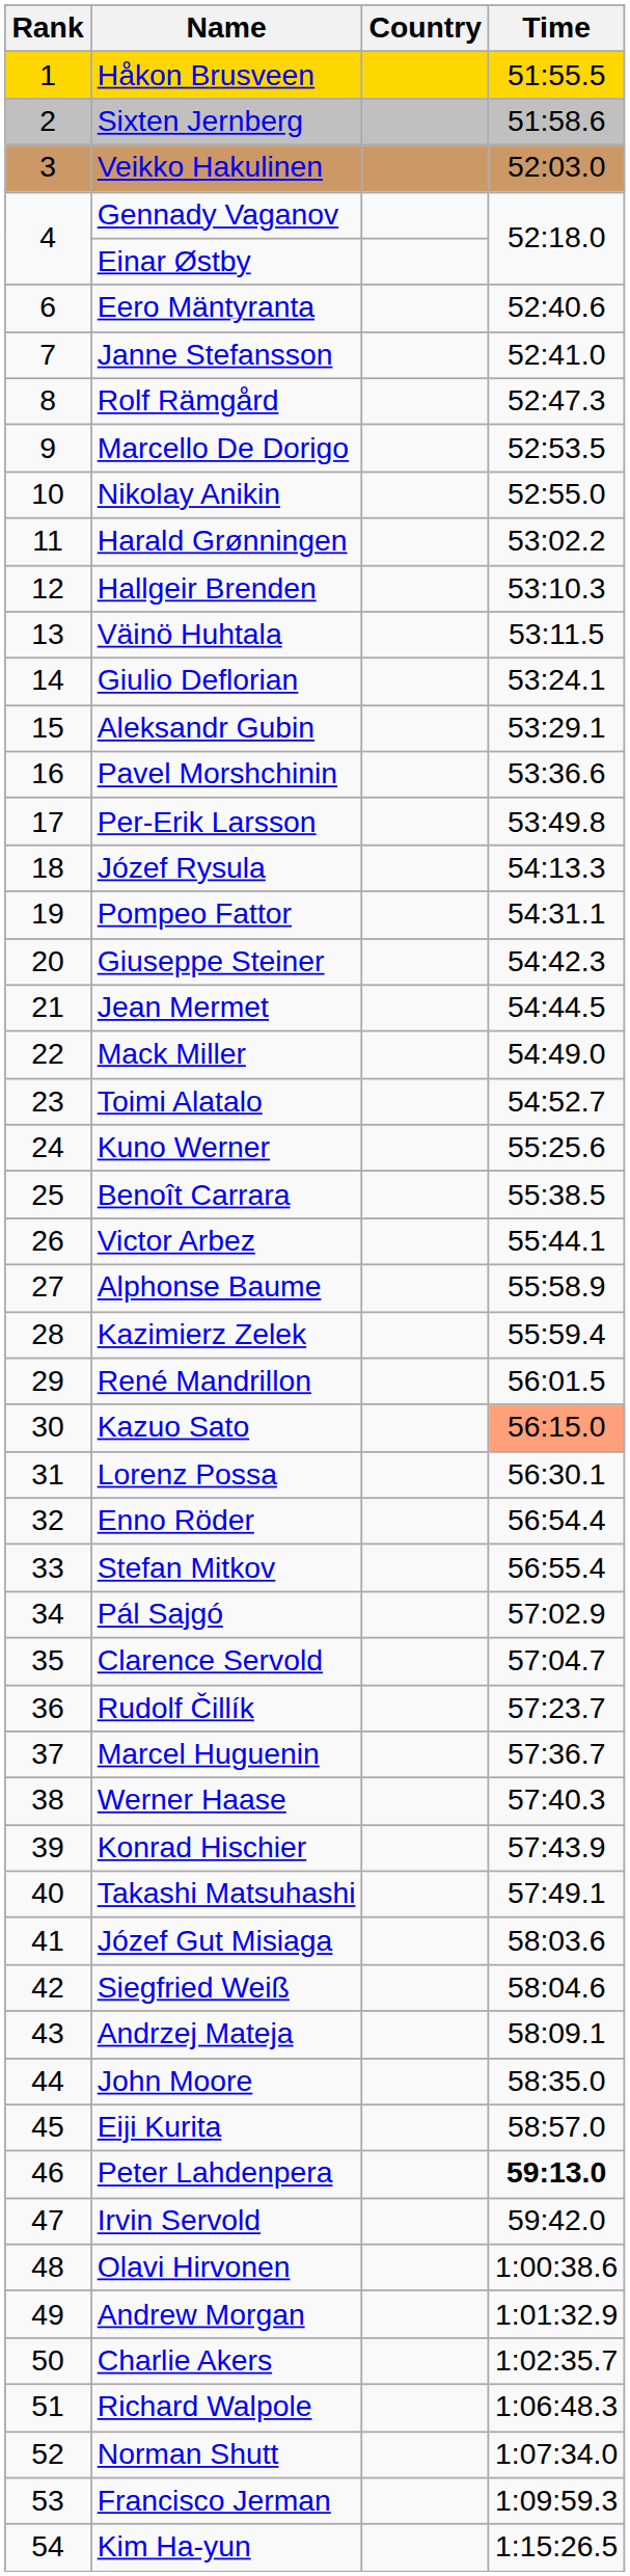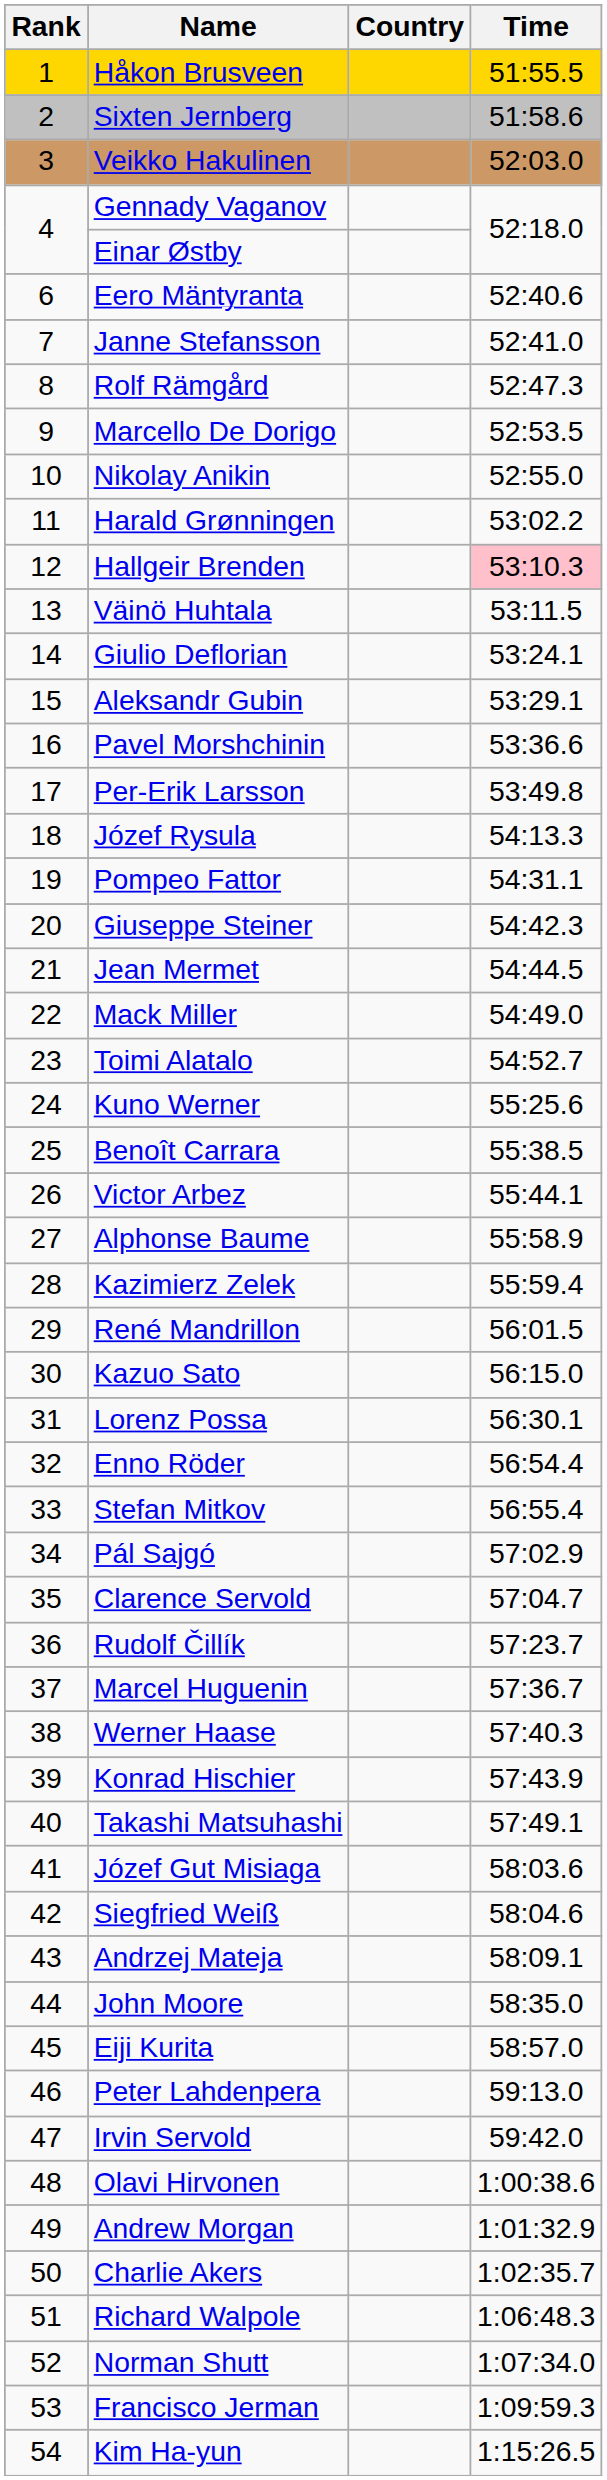 <table class="wikitable sortable" style="text-align:center">
 <tr>
 <th>Rank</th>
 <th>Name</th>
 <th>Country</th>
 <th>Time</th>
 </tr>
 <tr bgcolor=gold>
 <td>1</td>
 <td align="left"><a href='#'>Håkon Brusveen</a></td>
 <td align="left"></td>
 <td>51:55.5</td>
 </tr>
 <tr bgcolor=silver>
 <td>2</td>
 <td align="left"><a href='#'>Sixten Jernberg</a></td>
 <td align="left"></td>
 <td>51:58.6</td>
 </tr>
 <tr bgcolor=#CC9966>
 <td>3</td>
 <td align="left"><a href='#'>Veikko Hakulinen</a></td>
 <td align="left"></td>
 <td>52:03.0</td>
 </tr>
 <tr>
 <td rowspan=2>4</td>
 <td align="left"><a href='#'>Gennady Vaganov</a></td>
 <td align="left"></td>
 <td rowspan=2>52:18.0</td>
 </tr>
 <tr>
 <td align="left"><a href='#'>Einar Østby</a></td>
 <td align="left"></td>
 </tr>
 <tr>
 <td>6</td>
 <td align="left"><a href='#'>Eero Mäntyranta</a></td>
 <td align="left"></td>
 <td>52:40.6</td>
 </tr>
 <tr>
 <td>7</td>
 <td align="left"><a href='#'>Janne Stefansson</a></td>
 <td align="left"></td>
 <td>52:41.0</td>
 </tr>
 <tr>
 <td>8</td>
 <td align="left"><a href='#'>Rolf Rämgård</a></td>
 <td align="left"></td>
 <td>52:47.3</td>
 </tr>
 <tr>
 <td>9</td>
 <td align="left"><a href='#'>Marcello De Dorigo</a></td>
 <td align="left"></td>
 <td>52:53.5</td>
 </tr>
 <tr>
 <td>10</td>
 <td align="left"><a href='#'>Nikolay Anikin</a></td>
 <td align="left"></td>
 <td>52:55.0</td>
 </tr>
 <tr>
 <td>11</td>
 <td align="left"><a href='#'>Harald Grønningen</a></td>
 <td align="left"></td>
 <td>53:02.2</td>
 </tr>
 <tr>
 <td>12</td>
 <td align="left"><a href='#'>Hallgeir Brenden</a></td>
 <td align="left"></td>
-<td>53:10.3</td>
+<td style="background: pink;">53:10.3</td>
 </tr>
 <tr>
 <td>13</td>
 <td align="left"><a href='#'>Väinö Huhtala</a></td>
 <td align="left"></td>
 <td>53:11.5</td>
 </tr>
 <tr>
 <td>14</td>
 <td align="left"><a href='#'>Giulio Deflorian</a></td>
 <td align="left"></td>
 <td>53:24.1</td>
 </tr>
 <tr>
 <td>15</td>
 <td align="left"><a href='#'>Aleksandr Gubin</a></td>
 <td align="left"></td>
 <td>53:29.1</td>
 </tr>
 <tr>
 <td>16</td>
 <td align="left"><a href='#'>Pavel Morshchinin</a></td>
 <td align="left"></td>
 <td>53:36.6</td>
 </tr>
 <tr>
 <td>17</td>
 <td align="left"><a href='#'>Per-Erik Larsson</a></td>
 <td align="left"></td>
 <td>53:49.8</td>
 </tr>
 <tr>
 <td>18</td>
 <td align="left"><a href='#'>Józef Rysula</a></td>
 <td align="left"></td>
 <td>54:13.3</td>
 </tr>
 <tr>
 <td>19</td>
 <td align="left"><a href='#'>Pompeo Fattor</a></td>
 <td align="left"></td>
 <td>54:31.1</td>
 </tr>
 <tr>
 <td>20</td>
 <td align="left"><a href='#'>Giuseppe Steiner</a></td>
 <td align="left"></td>
 <td>54:42.3</td>
 </tr>
 <tr>
 <td>21</td>
 <td align="left"><a href='#'>Jean Mermet</a></td>
 <td align="left"></td>
 <td>54:44.5</td>
 </tr>
 <tr>
 <td>22</td>
 <td align="left"><a href='#'>Mack Miller</a></td>
 <td align="left"></td>
 <td>54:49.0</td>
 </tr>
 <tr>
 <td>23</td>
 <td align="left"><a href='#'>Toimi Alatalo</a></td>
 <td align="left"></td>
 <td>54:52.7</td>
 </tr>
 <tr>
 <td>24</td>
 <td align="left"><a href='#'>Kuno Werner</a></td>
 <td align="left"></td>
 <td>55:25.6</td>
 </tr>
 <tr>
 <td>25</td>
 <td align="left"><a href='#'>Benoît Carrara</a></td>
 <td align="left"></td>
 <td>55:38.5</td>
 </tr>
 <tr>
 <td>26</td>
 <td align="left"><a href='#'>Victor Arbez</a></td>
 <td align="left"></td>
 <td>55:44.1</td>
 </tr>
 <tr>
 <td>27</td>
 <td align="left"><a href='#'>Alphonse Baume</a></td>
 <td align="left"></td>
 <td>55:58.9</td>
 </tr>
 <tr>
 <td>28</td>
 <td align="left"><a href='#'>Kazimierz Zelek</a></td>
 <td align="left"></td>
 <td>55:59.4</td>
 </tr>
 <tr>
 <td>29</td>
 <td align="left"><a href='#'>René Mandrillon</a></td>
 <td align="left"></td>
 <td>56:01.5</td>
 </tr>
 <tr>
 <td>30</td>
 <td align="left"><a href='#'>Kazuo Sato</a></td>
 <td align="left"></td>
-<td style="background: lightsalmon;">56:15.0</td>
+<td>56:15.0</td>
 </tr>
 <tr>
 <td>31</td>
 <td align="left"><a href='#'>Lorenz Possa</a></td>
 <td align="left"></td>
 <td>56:30.1</td>
 </tr>
 <tr>
 <td>32</td>
 <td align="left"><a href='#'>Enno Röder</a></td>
 <td align="left"></td>
 <td>56:54.4</td>
 </tr>
 <tr>
 <td>33</td>
 <td align="left"><a href='#'>Stefan Mitkov</a></td>
 <td align="left"></td>
 <td>56:55.4</td>
 </tr>
 <tr>
 <td>34</td>
 <td align="left"><a href='#'>Pál Sajgó</a></td>
 <td align="left"></td>
 <td>57:02.9</td>
 </tr>
 <tr>
 <td>35</td>
 <td align="left"><a href='#'>Clarence Servold</a></td>
 <td align="left"></td>
 <td>57:04.7</td>
 </tr>
 <tr>
 <td>36</td>
 <td align="left"><a href='#'>Rudolf Čillík</a></td>
 <td align="left"></td>
 <td>57:23.7</td>
 </tr>
 <tr>
 <td>37</td>
 <td align="left"><a href='#'>Marcel Huguenin</a></td>
 <td align="left"></td>
 <td>57:36.7</td>
 </tr>
 <tr>
 <td>38</td>
 <td align="left"><a href='#'>Werner Haase</a></td>
 <td align="left"></td>
 <td>57:40.3</td>
 </tr>
 <tr>
 <td>39</td>
 <td align="left"><a href='#'>Konrad Hischier</a></td>
 <td align="left"></td>
 <td>57:43.9</td>
 </tr>
 <tr>
 <td>40</td>
 <td align="left"><a href='#'>Takashi Matsuhashi</a></td>
 <td align="left"></td>
 <td>57:49.1</td>
 </tr>
 <tr>
 <td>41</td>
 <td align="left"><a href='#'>Józef Gut Misiaga</a></td>
 <td align="left"></td>
 <td>58:03.6</td>
 </tr>
 <tr>
 <td>42</td>
 <td align="left"><a href='#'>Siegfried Weiß</a></td>
 <td align="left"></td>
 <td>58:04.6</td>
 </tr>
 <tr>
 <td>43</td>
 <td align="left"><a href='#'>Andrzej Mateja</a></td>
 <td align="left"></td>
 <td>58:09.1</td>
 </tr>
 <tr>
 <td>44</td>
 <td align="left"><a href='#'>John Moore</a></td>
 <td align="left"></td>
 <td>58:35.0</td>
 </tr>
 <tr>
 <td>45</td>
 <td align="left"><a href='#'>Eiji Kurita</a></td>
 <td align="left"></td>
 <td>58:57.0</td>
 </tr>
 <tr>
 <td>46</td>
 <td align="left"><a href='#'>Peter Lahdenpera</a></td>
 <td align="left"></td>
-<td><strong>59:13.0</strong></td>
+<td>59:13.0</td>
 </tr>
 <tr>
 <td>47</td>
 <td align="left"><a href='#'>Irvin Servold</a></td>
 <td align="left"></td>
 <td>59:42.0</td>
 </tr>
 <tr>
 <td>48</td>
 <td align="left"><a href='#'>Olavi Hirvonen</a></td>
 <td align="left"></td>
 <td>1:00:38.6</td>
 </tr>
 <tr>
 <td>49</td>
 <td align="left"><a href='#'>Andrew Morgan</a></td>
 <td align="left"></td>
 <td>1:01:32.9</td>
 </tr>
 <tr>
 <td>50</td>
 <td align="left"><a href='#'>Charlie Akers</a></td>
 <td align="left"></td>
 <td>1:02:35.7</td>
 </tr>
 <tr>
 <td>51</td>
 <td align="left"><a href='#'>Richard Walpole</a></td>
 <td align="left"></td>
 <td>1:06:48.3</td>
 </tr>
 <tr>
 <td>52</td>
 <td align="left"><a href='#'>Norman Shutt</a></td>
 <td align="left"></td>
 <td>1:07:34.0</td>
 </tr>
 <tr>
 <td>53</td>
 <td align="left"><a href='#'>Francisco Jerman</a></td>
 <td align="left"></td>
 <td>1:09:59.3</td>
 </tr>
 <tr>
 <td>54</td>
 <td align="left"><a href='#'>Kim Ha-yun</a></td>
 <td align="left"></td>
 <td>1:15:26.5</td>
 </tr>
 </table>
